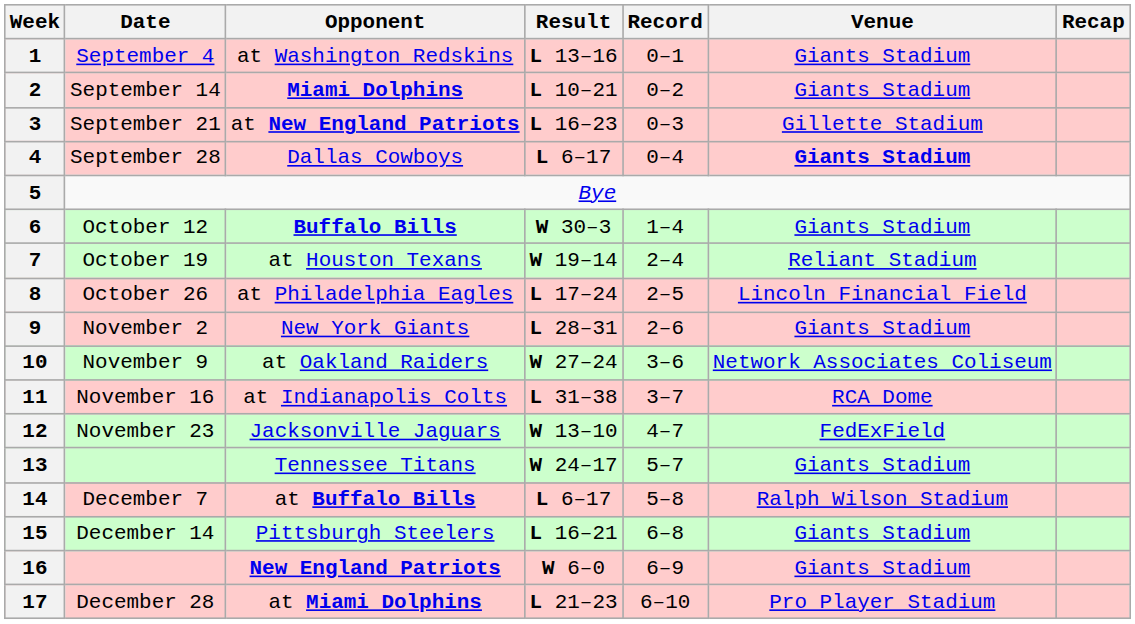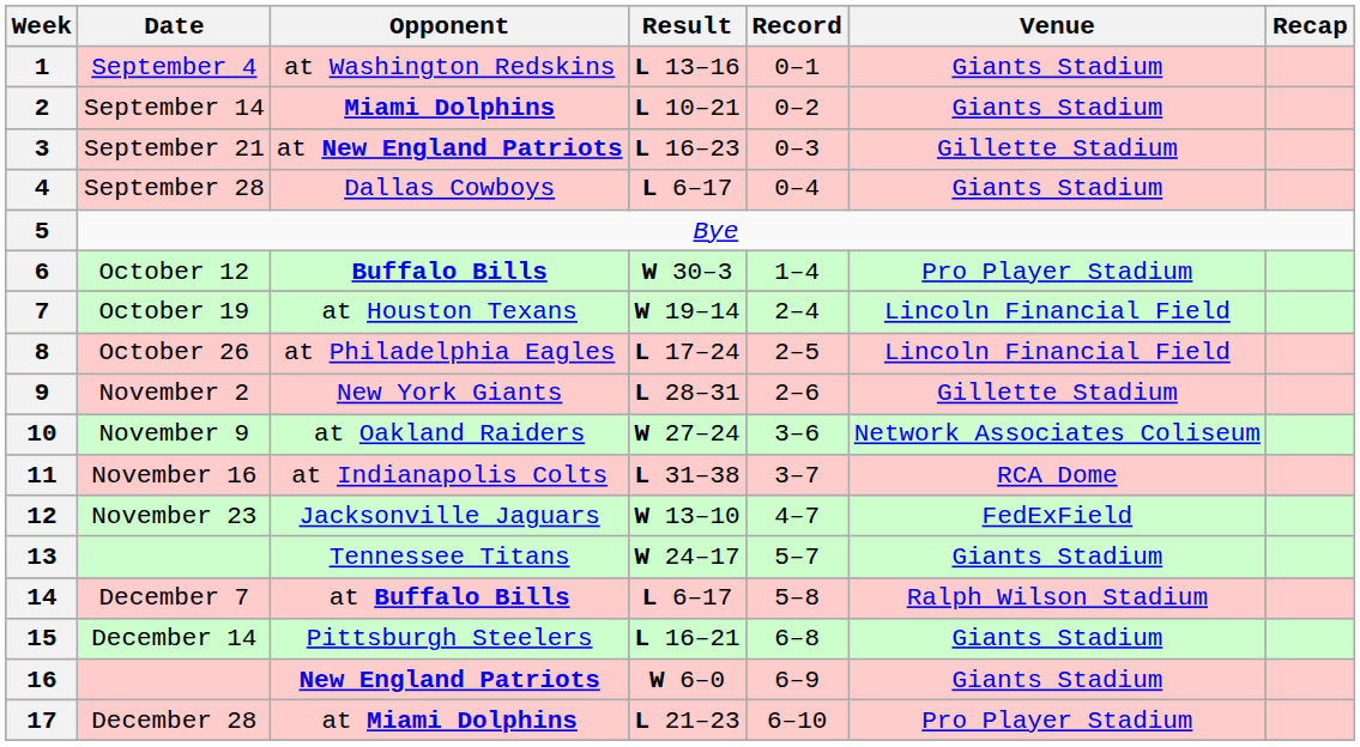 <table class="wikitable"style="text-align:center">
 <tr>
 <th>Week</th>
 <th>Date</th>
 <th>Opponent</th>
 <th>Result</th>
 <th>Record</th>
 <th>Venue</th>
 <th>Recap</th>
 </tr>
 <tr style="background:#fcc">
 <th>1</th>
 <td><a href='#'>September 4</a></td>
 <td>at <a href='#'>Washington Redskins</a></td>
 <td><strong>L</strong> 13–16</td>
 <td>0–1</td>
 <td><a href='#'>Giants Stadium</a></td>
 <td></td>
 </tr>
 <tr style="background:#fcc">
 <th>2</th>
 <td>September 14</td>
 <td><strong><a href='#'>Miami Dolphins</a></strong></td>
 <td><strong>L</strong> 10–21</td>
 <td>0–2</td>
 <td><a href='#'>Giants Stadium</a></td>
 <td></td>
 </tr>
 <tr style="background:#fcc">
 <th>3</th>
 <td>September 21</td>
 <td>at <strong><a href='#'>New England Patriots</a></strong></td>
 <td><strong>L</strong> 16–23</td>
 <td>0–3</td>
 <td><a href='#'>Gillette Stadium</a></td>
 <td></td>
 </tr>
 <tr style="background:#fcc">
 <th>4</th>
 <td>September 28</td>
 <td><a href='#'>Dallas Cowboys</a></td>
 <td><strong>L</strong> 6–17</td>
 <td>0–4</td>
-<td><strong><a href='#'>Giants Stadium</a></strong></td>
+<td><a href='#'>Giants Stadium</a></td>
 <td></td>
 </tr>
 <tr>
 <th>5</th>
 <td colspan="6"><em><a href='#'>Bye</a></em></td>
 </tr>
 <tr style="background:#cfc">
 <th>6</th>
 <td>October 12</td>
 <td><strong><a href='#'>Buffalo Bills</a></strong></td>
 <td><strong>W</strong> 30–3</td>
 <td>1–4</td>
-<td><a href='#'>Giants Stadium</a></td>
+<td><a href='#'>Pro Player Stadium</a></td>
 <td></td>
 </tr>
 <tr style="background:#cfc">
 <th>7</th>
 <td>October 19</td>
 <td>at <a href='#'>Houston Texans</a></td>
 <td><strong>W</strong> 19–14</td>
 <td>2–4</td>
-<td><a href='#'>Reliant Stadium</a></td>
+<td><a href='#'>Lincoln Financial Field</a></td>
 <td></td>
 </tr>
 <tr style="background:#fcc">
 <th>8</th>
 <td>October 26</td>
 <td>at <a href='#'>Philadelphia Eagles</a></td>
 <td><strong>L</strong> 17–24</td>
 <td>2–5</td>
 <td><a href='#'>Lincoln Financial Field</a></td>
 <td></td>
 </tr>
 <tr style="background:#fcc">
 <th>9</th>
 <td>November 2</td>
 <td><a href='#'>New York Giants</a></td>
 <td><strong>L</strong> 28–31 </td>
 <td>2–6</td>
-<td><a href='#'>Giants Stadium</a></td>
+<td><a href='#'>Gillette Stadium</a></td>
 <td></td>
 </tr>
 <tr style="background:#cfc">
 <th>10</th>
 <td>November 9</td>
 <td>at <a href='#'>Oakland Raiders</a></td>
 <td><strong>W</strong> 27–24 </td>
 <td>3–6</td>
 <td><a href='#'>Network Associates Coliseum</a></td>
 <td></td>
 </tr>
 <tr style="background:#fcc">
 <th>11</th>
 <td>November 16</td>
 <td>at <a href='#'>Indianapolis Colts</a></td>
 <td><strong>L</strong> 31–38</td>
 <td>3–7</td>
 <td><a href='#'>RCA Dome</a></td>
 <td></td>
 </tr>
 <tr style="background:#cfc">
 <th>12</th>
 <td>November 23</td>
 <td><a href='#'>Jacksonville Jaguars</a></td>
 <td><strong>W</strong> 13–10</td>
 <td>4–7</td>
 <td><a href='#'>FedExField</a></td>
 <td></td>
 </tr>
 <tr style="background:#cfc">
 <th>13</th>
 <td></td>
 <td><a href='#'>Tennessee Titans</a></td>
 <td><strong>W</strong> 24–17</td>
 <td>5–7</td>
 <td><a href='#'>Giants Stadium</a></td>
 <td></td>
 </tr>
 <tr style="background:#fcc">
 <th>14</th>
 <td>December 7</td>
 <td>at <strong><a href='#'>Buffalo Bills</a></strong></td>
 <td><strong>L</strong> 6–17</td>
 <td>5–8</td>
 <td><a href='#'>Ralph Wilson Stadium</a></td>
 <td></td>
 </tr>
 <tr style="background:#cfc">
 <th>15</th>
 <td>December 14</td>
 <td><a href='#'>Pittsburgh Steelers</a></td>
 <td><strong>L</strong> 16–21</td>
 <td>6–8</td>
 <td><a href='#'>Giants Stadium</a></td>
 <td></td>
 </tr>
 <tr style="background:#fcc">
 <th>16</th>
 <td></td>
 <td><strong><a href='#'>New England Patriots</a></strong></td>
 <td><strong>W</strong> 6–0</td>
 <td>6–9</td>
 <td><a href='#'>Giants Stadium</a></td>
 <td></td>
 </tr>
 <tr style="background:#fcc">
 <th>17</th>
 <td>December 28</td>
 <td>at <strong><a href='#'>Miami Dolphins</a></strong></td>
 <td><strong>L</strong> 21–23</td>
 <td>6–10</td>
 <td><a href='#'>Pro Player Stadium</a></td>
 <td></td>
 </tr>
 </table>
